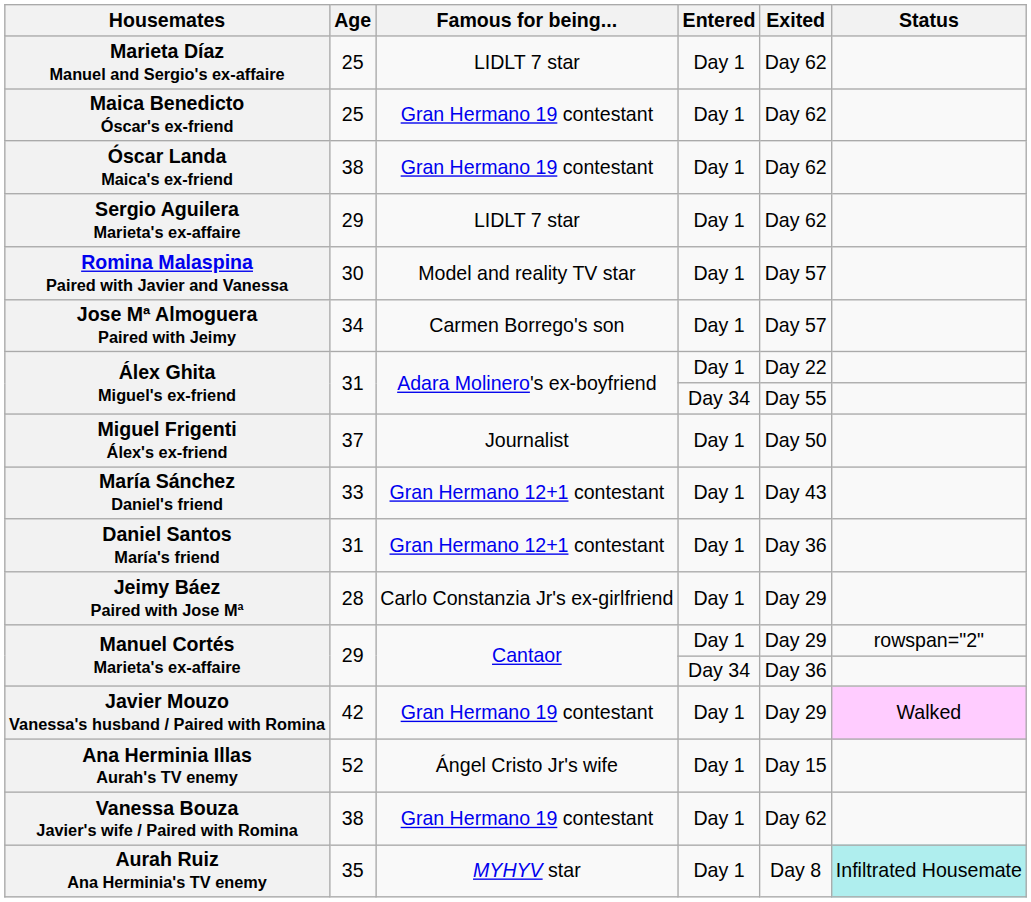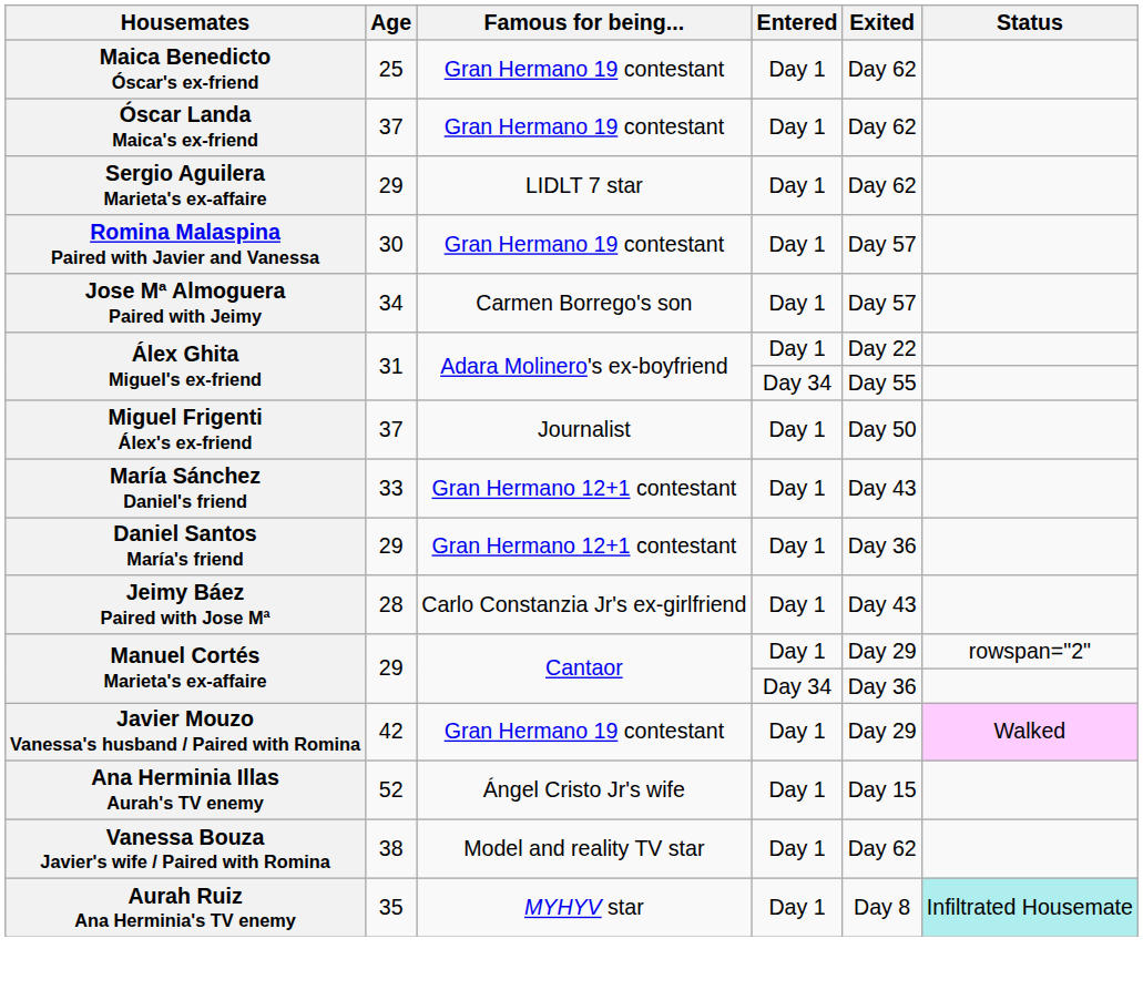 <table class=wikitable style="margin:auto; text-align:center; font-size:90%">
 <tr>
 <th>Housemates</th>
 <th>Age</th>
 <th>Famous for being...</th>
 <th>Entered</th>
 <th>Exited</th>
 <th>Status</th>
-</tr>
-<tr>
-<th>Marieta Díaz<br><small>Manuel and Sergio's ex-affaire</small></th>
-<td>25</td>
-<td>LIDLT 7 star</td>
-<td>Day 1</td>
-<td>Day 62</td>
-<td></td>
 </tr>
 <tr>
 <th>Maica Benedicto<br><small>Óscar's ex-friend</small></th>
 <td>25</td>
 <td><a href='#'>Gran Hermano 19</a> contestant</td>
 <td>Day 1</td>
 <td>Day 62</td>
 <td></td>
 </tr>
 <tr>
 <th>Óscar Landa<br><small>Maica's ex-friend</small></th>
-<td>38</td>
+<td>37</td>
 <td><a href='#'>Gran Hermano 19</a> contestant</td>
 <td>Day 1</td>
 <td>Day 62</td>
 <td></td>
 </tr>
 <tr>
 <th>Sergio Aguilera<br><small>Marieta's ex-affaire</small></th>
 <td>29</td>
 <td>LIDLT 7 star</td>
 <td>Day 1</td>
 <td>Day 62</td>
 <td></td>
 </tr>
 <tr>
 <th> <a href='#'>Romina Malaspina</a><br><small>Paired with Javier and Vanessa</small></th>
 <td>30</td>
-<td>Model and reality TV star</td>
+<td><a href='#'>Gran Hermano 19</a> contestant</td>
 <td>Day 1</td>
 <td>Day 57</td>
 <td></td>
 </tr>
 <tr>
 <th>Jose Mª Almoguera<br><small>Paired with Jeimy</small></th>
 <td>34</td>
 <td>Carmen Borrego's son</td>
 <td>Day 1</td>
 <td>Day 57</td>
 <td></td>
 </tr>
 <tr>
 <th rowspan="2"> Álex Ghita<br><small>Miguel's ex-friend</small></th>
 <td rowspan="2">31</td>
 <td rowspan="2"><a href='#'>Adara Molinero</a>'s ex-boyfriend</td>
 <td>Day 1</td>
 <td>Day 22</td>
 <td></td>
 </tr>
 <tr>
 <td>Day 34</td>
 <td>Day 55</td>
 <td></td>
 </tr>
 <tr>
 <th>Miguel Frigenti<br><small>Álex's ex-friend</small></th>
 <td>37</td>
 <td>Journalist</td>
 <td>Day 1</td>
 <td>Day 50</td>
 <td></td>
 </tr>
 <tr>
 <th>María Sánchez<br><small>Daniel's friend</small></th>
 <td>33</td>
 <td><a href='#'>Gran Hermano 12+1</a> contestant</td>
 <td>Day 1</td>
 <td>Day 43</td>
 <td></td>
 </tr>
 <tr>
 <th>Daniel Santos<br><small>María's friend</small></th>
-<td>31</td>
+<td>29</td>
 <td><a href='#'>Gran Hermano 12+1</a> contestant</td>
 <td>Day 1</td>
 <td>Day 36</td>
 <td></td>
 </tr>
 <tr>
 <th> Jeimy Báez<br><small>Paired with Jose Mª</small></th>
 <td>28</td>
 <td>Carlo Constanzia Jr's ex-girlfriend</td>
 <td>Day 1</td>
-<td>Day 29</td>
+<td>Day 43</td>
 <td></td>
 </tr>
 <tr>
 <th rowspan="2">Manuel Cortés<br><small>Marieta's ex-affaire</small></th>
 <td rowspan="2">29</td>
 <td rowspan="2"><a href='#'>Cantaor</a></td>
 <td>Day 1</td>
 <td>Day 29</td>
 <td>rowspan="2" </td>
 </tr>
 <tr>
 <td>Day 34</td>
 <td>Day 36</td>
 </tr>
 <tr>
 <th>Javier Mouzo<br><small>Vanessa's husband / Paired with Romina</small></th>
 <td>42</td>
 <td><a href='#'>Gran Hermano 19</a> contestant</td>
 <td>Day 1</td>
 <td>Day 29</td>
 <td style="background:#fcf">Walked</td>
 </tr>
 <tr>
 <th> Ana Herminia Illas<br><small>Aurah's TV enemy</small></th>
 <td>52</td>
 <td>Ángel Cristo Jr's wife</td>
 <td>Day 1</td>
 <td>Day 15</td>
 <td></td>
 </tr>
 <tr>
 <th>Vanessa Bouza<br><small>Javier's wife / Paired with Romina</small></th>
 <td>38</td>
-<td><a href='#'>Gran Hermano 19</a> contestant</td>
+<td>Model and reality TV star</td>
 <td>Day 1</td>
 <td>Day 62</td>
 <td></td>
 </tr>
 <tr>
 <th>Aurah Ruiz<br><small>Ana Herminia's TV enemy</small></th>
 <td>35</td>
 <td><a href='#'><em>MYHYV</em></a> star</td>
 <td>Day 1</td>
 <td>Day 8</td>
 <td style="background:#AFEEEE">Infiltrated Housemate</td>
 </tr>
 </table>
